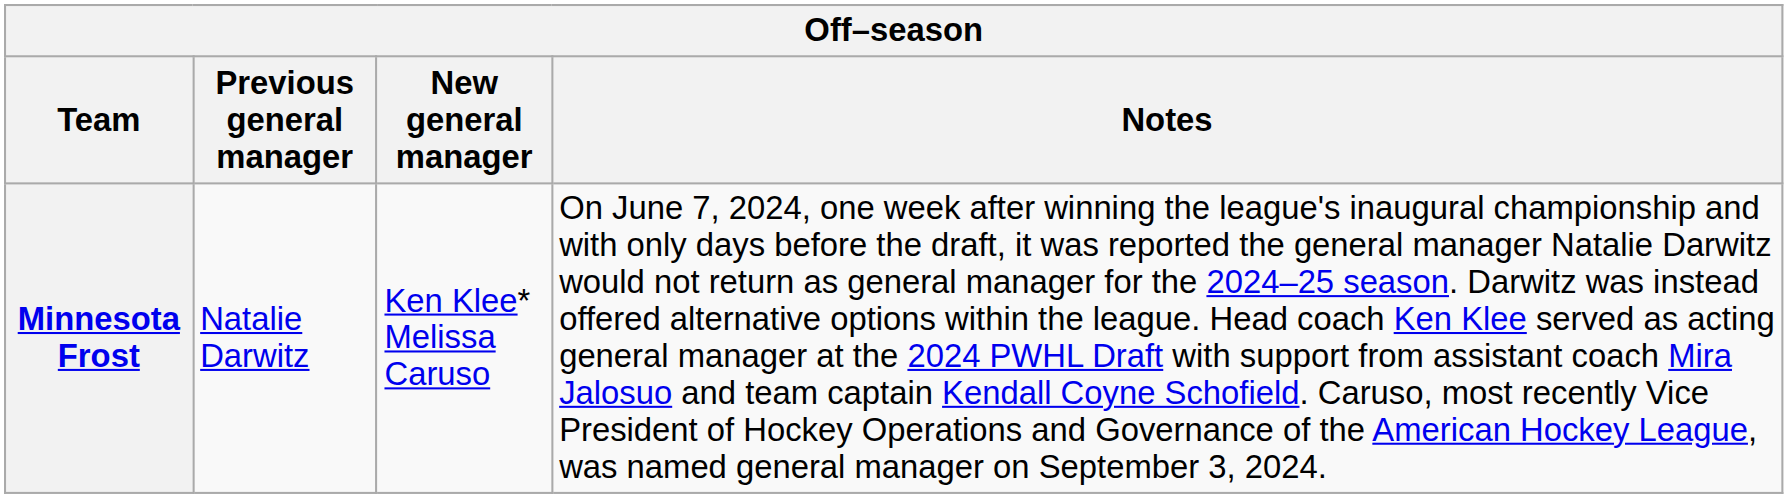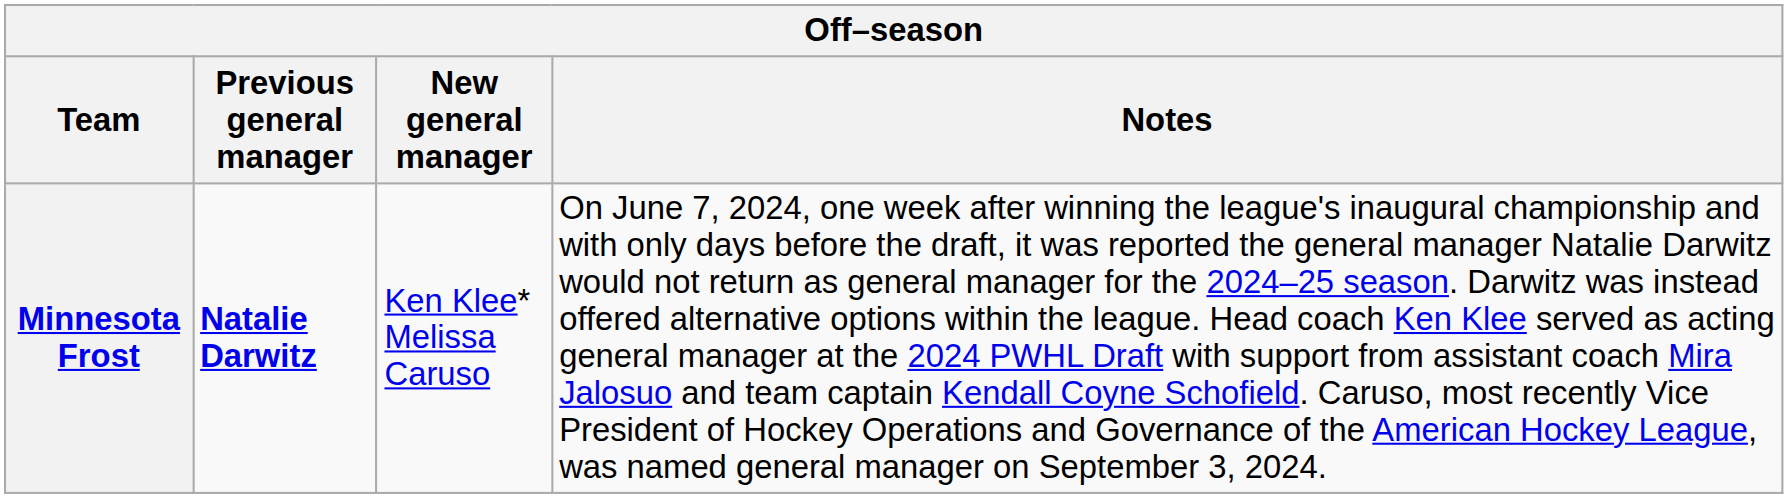 <table class="wikitable">
 <tr>
 <th scope="colgroup" colspan="4">Off–season</th>
 </tr>
 <tr>
 <th scope="col">Team</th>
 <th scope="col">Previous general manager</th>
 <th scope="col">New general manager</th>
 <th scope="col">Notes</th>
 </tr>
 <tr>
 <th scope="row"><a href='#'>Minnesota Frost</a></th>
-<td><a href='#'>Natalie Darwitz</a></td>
+<td><strong><a href='#'>Natalie Darwitz</a></strong></td>
 <td><a href='#'>Ken Klee</a>*<br><a href='#'>Melissa Caruso</a></td>
 <td>On June 7, 2024, one week after winning the league's inaugural championship and with only days before the draft, it was reported the general manager Natalie Darwitz would not return as general manager for the <a href='#'>2024–25 season</a>. Darwitz was instead offered alternative options within the league. Head coach <a href='#'>Ken Klee</a> served as acting general manager at the <a href='#'>2024 PWHL Draft</a> with support from assistant coach <a href='#'>Mira Jalosuo</a> and team captain <a href='#'>Kendall Coyne Schofield</a>. Caruso, most recently Vice President of Hockey Operations and Governance of the <a href='#'>American Hockey League</a>, was named general manager on September 3, 2024.</td>
 </tr>
 </table>
